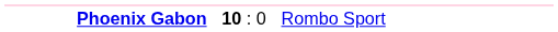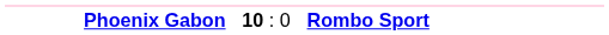 <table style="text-align:center" width=500>
 <tr>
 <th width=30%></th>
 <th width=10%></th>
 <th width=30%></th>
 <th width=10%></th>
 </tr>
 <tr align="left" bgcolor=#ffd4e4>
 <td colspan=4></td>
 </tr>
 <tr>
 <td align="right"><strong><a href='#'>Phoenix Gabon</a></strong> </td>
 <td><strong>10</strong> : 0</td>
-<td align=left> <a href='#'>Rombo Sport</a></td>
+<td align=left><strong> <a href='#'>Rombo Sport</a></strong></td>
 </tr>
 </table>
